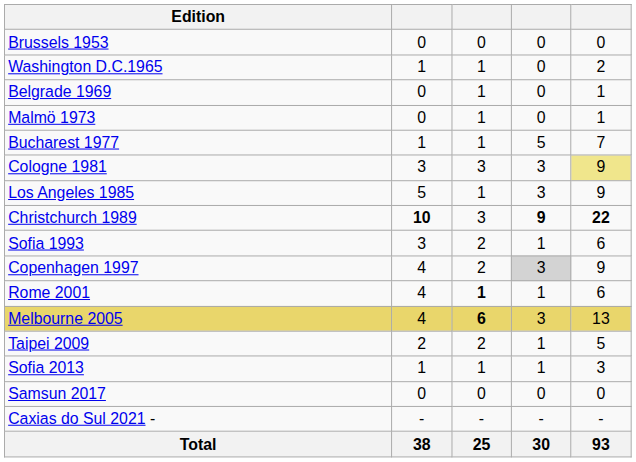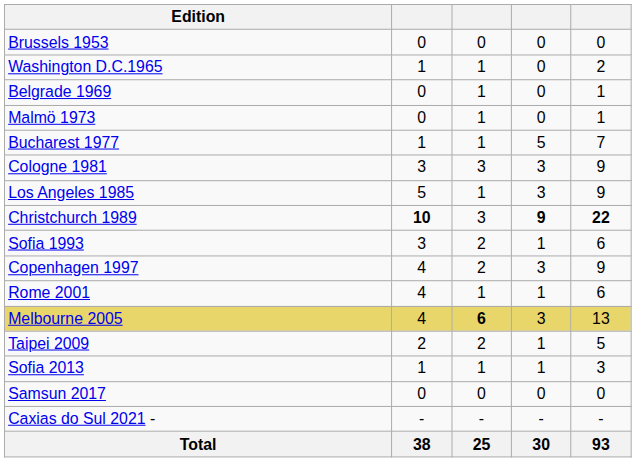 <table class="wikitable" width=40% style="font-size:100%; text-align:center;">
 <tr>
 <th>Edition</th>
 <th></th>
 <th></th>
 <th></th>
 <th></th>
 </tr>
 <tr>
 <td align=left> <a href='#'>Brussels 1953</a></td>
 <td>0</td>
 <td>0</td>
 <td>0</td>
 <td>0</td>
 </tr>
 <tr>
 <td align=left> <a href='#'>Washington D.C.1965</a></td>
 <td>1</td>
 <td>1</td>
 <td>0</td>
 <td>2</td>
 </tr>
 <tr>
 <td align=left> <a href='#'>Belgrade 1969</a></td>
 <td>0</td>
 <td>1</td>
 <td>0</td>
 <td>1</td>
 </tr>
 <tr>
 <td align=left> <a href='#'>Malmö 1973</a></td>
 <td>0</td>
 <td>1</td>
 <td>0</td>
 <td>1</td>
 </tr>
 <tr>
 <td align=left> <a href='#'>Bucharest 1977</a></td>
 <td>1</td>
 <td>1</td>
 <td>5</td>
 <td>7</td>
 </tr>
 <tr>
 <td align=left> <a href='#'>Cologne 1981</a></td>
 <td>3</td>
 <td>3</td>
 <td>3</td>
-<td style="background: khaki;">9</td>
+<td>9</td>
 </tr>
 <tr>
 <td align=left> <a href='#'>Los Angeles 1985</a></td>
 <td>5</td>
 <td>1</td>
 <td>3</td>
 <td>9</td>
 </tr>
 <tr>
 <td align=left> <a href='#'>Christchurch 1989</a></td>
 <td><strong>10</strong></td>
 <td>3</td>
 <td><strong>9</strong></td>
 <td><strong>22</strong></td>
 </tr>
 <tr>
 <td align=left> <a href='#'>Sofia 1993</a></td>
 <td>3</td>
 <td>2</td>
 <td>1</td>
 <td>6</td>
 </tr>
 <tr>
 <td align=left> <a href='#'>Copenhagen 1997</a></td>
 <td>4</td>
 <td>2</td>
-<td style="background: lightgrey;">3</td>
+<td>3</td>
 <td>9</td>
 </tr>
 <tr>
 <td align=left> <a href='#'>Rome 2001</a></td>
 <td>4</td>
-<td><strong>1</strong></td>
+<td>1</td>
 <td>1</td>
 <td>6</td>
 </tr>
 <tr bgcolor=#E9D66B>
 <td align=left> <a href='#'>Melbourne 2005</a></td>
 <td>4</td>
 <td><strong>6</strong></td>
 <td>3</td>
 <td>13</td>
 </tr>
 <tr>
 <td align=left> <a href='#'>Taipei 2009</a></td>
 <td>2</td>
 <td>2</td>
 <td>1</td>
 <td>5</td>
 </tr>
 <tr>
 <td align=left> <a href='#'>Sofia 2013</a></td>
 <td>1</td>
 <td>1</td>
 <td>1</td>
 <td>3</td>
 </tr>
 <tr>
 <td align=left> <a href='#'>Samsun 2017</a></td>
 <td>0</td>
 <td>0</td>
 <td>0</td>
 <td>0</td>
 </tr>
 <tr>
 <td align=left> <a href='#'>Caxias do Sul 2021</a> -</td>
 <td>-</td>
 <td>-</td>
 <td>-</td>
 <td>-</td>
 </tr>
 <tr>
 <th align-right>Total</th>
 <th>38</th>
 <th>25</th>
 <th>30</th>
 <th>93</th>
 </tr>
 </table>
